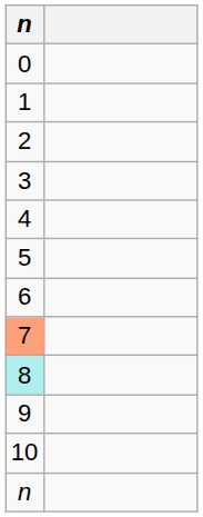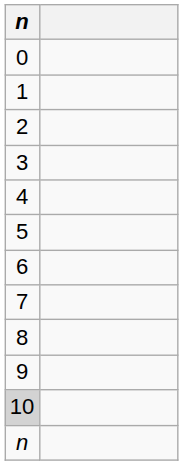 <table class="wikitable" style="margin:0.5em auto">
 <tr>
 <th width="20%"><em>n</em></th>
 <th></th>
 </tr>
 <tr>
 <td align="center">0</td>
 <td></td>
 </tr>
 <tr>
 <td align="center">1</td>
 <td></td>
 </tr>
 <tr>
 <td align="center">2</td>
 <td></td>
 </tr>
 <tr>
 <td align="center">3</td>
 <td></td>
 </tr>
 <tr>
 <td align="center">4</td>
 <td></td>
 </tr>
 <tr>
 <td align="center">5</td>
 <td></td>
 </tr>
 <tr>
 <td align="center">6</td>
 <td></td>
 </tr>
 <tr>
-<td align="center" style="background: lightsalmon;">7</td>
+<td align="center">7</td>
 <td></td>
 </tr>
 <tr>
-<td align="center" style="background: paleturquoise;">8</td>
+<td align="center">8</td>
 <td></td>
 </tr>
 <tr>
 <td align="center">9</td>
 <td></td>
 </tr>
 <tr>
-<td align="center">10</td>
+<td align="center" style="background: lightgrey;">10</td>
 <td></td>
 </tr>
 <tr>
 <td align="center"><em>n</em></td>
 <td></td>
 </tr>
 </table>
